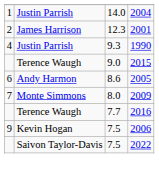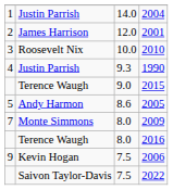 <table class="wikitable" style="display:inline-table;">
 <tr>
 </tr>
 <tr>
 <td>1</td>
 <td><a href='#'>Justin Parrish</a></td>
 <td>14.0</td>
 <td><a href='#'>2004</a></td>
 </tr>
 <tr>
 <td>2</td>
 <td><a href='#'>James Harrison</a></td>
-<td>12.3</td>
+<td>12.0</td>
 <td><a href='#'>2001</a></td>
+</tr>
+<tr>
+<td>3</td>
+<td>Roosevelt Nix</td>
+<td>10.0</td>
+<td><a href='#'>2010</a></td>
 </tr>
 <tr>
 <td>4</td>
 <td><a href='#'>Justin Parrish</a></td>
 <td>9.3</td>
 <td><a href='#'>1990</a></td>
 </tr>
 <tr>
 <td></td>
 <td>Terence Waugh</td>
 <td>9.0</td>
 <td><a href='#'>2015</a></td>
 </tr>
 <tr>
-<td>6</td>
+<td>5</td>
 <td><a href='#'>Andy Harmon</a></td>
 <td>8.6</td>
 <td><a href='#'>2005</a></td>
 </tr>
 <tr>
 <td>7</td>
 <td><a href='#'>Monte Simmons</a></td>
 <td>8.0</td>
 <td><a href='#'>2009</a></td>
 </tr>
 <tr>
 <td></td>
 <td>Terence Waugh</td>
-<td>7.7</td>
+<td>8.0</td>
 <td><a href='#'>2016</a></td>
 </tr>
 <tr>
 <td>9</td>
 <td>Kevin Hogan</td>
 <td>7.5</td>
 <td><a href='#'>2006</a></td>
 </tr>
 <tr>
 <td></td>
 <td>Saivon Taylor-Davis</td>
 <td>7.5</td>
 <td><a href='#'>2022</a></td>
 </tr>
 </table>
